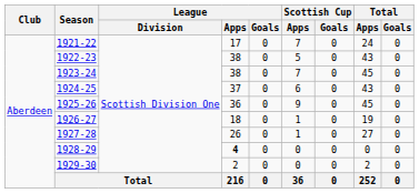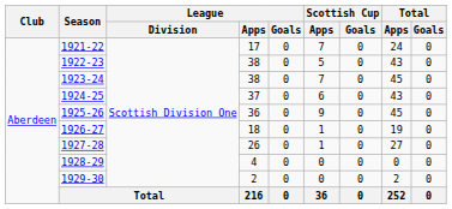 <table class="wikitable" style="text-align:center">
 <tr>
 <th rowspan="2">Club</th>
 <th rowspan="2">Season</th>
 <th colspan="3">League</th>
 <th colspan="2">Scottish Cup</th>
 <th colspan="2">Total</th>
 </tr>
 <tr>
 <th>Division</th>
 <th>Apps</th>
 <th>Goals</th>
 <th>Apps</th>
 <th>Goals</th>
 <th>Apps</th>
 <th>Goals</th>
 </tr>
 <tr>
 <td rowspan="10"><a href='#'>Aberdeen</a></td>
 <td><a href='#'>1921-22</a></td>
 <td rowspan="9"><a href='#'>Scottish Division One</a></td>
 <td>17</td>
 <td>0</td>
 <td>7</td>
 <td>0</td>
 <td>24</td>
 <td>0</td>
 </tr>
 <tr>
 <td><a href='#'>1922-23</a></td>
 <td>38</td>
 <td>0</td>
 <td>5</td>
 <td>0</td>
 <td>43</td>
 <td>0</td>
 </tr>
 <tr>
 <td><a href='#'>1923-24</a></td>
 <td>38</td>
 <td>0</td>
 <td>7</td>
 <td>0</td>
 <td>45</td>
 <td>0</td>
 </tr>
 <tr>
 <td><a href='#'>1924-25</a></td>
 <td>37</td>
 <td>0</td>
 <td>6</td>
 <td>0</td>
 <td>43</td>
 <td>0</td>
 </tr>
 <tr>
 <td><a href='#'>1925-26</a></td>
 <td>36</td>
 <td>0</td>
 <td>9</td>
 <td>0</td>
 <td>45</td>
 <td>0</td>
 </tr>
 <tr>
 <td><a href='#'>1926-27</a></td>
 <td>18</td>
 <td>0</td>
 <td>1</td>
 <td>0</td>
 <td>19</td>
 <td>0</td>
 </tr>
 <tr>
 <td><a href='#'>1927-28</a></td>
 <td>26</td>
 <td>0</td>
 <td>1</td>
 <td>0</td>
 <td>27</td>
 <td>0</td>
 </tr>
 <tr>
 <td><a href='#'>1928-29</a></td>
-<td><strong>4</strong></td>
+<td>4</td>
 <td>0</td>
 <td>0</td>
 <td>0</td>
 <td>0</td>
 <td>0</td>
 </tr>
 <tr>
 <td><a href='#'>1929-30</a></td>
 <td>2</td>
 <td>0</td>
 <td>0</td>
 <td>0</td>
 <td>2</td>
 <td>0</td>
 </tr>
 <tr>
 <th colspan="2">Total</th>
 <th>216</th>
 <th>0</th>
 <th>36</th>
 <th>0</th>
 <th>252</th>
 <th>0</th>
 </tr>
 </table>
